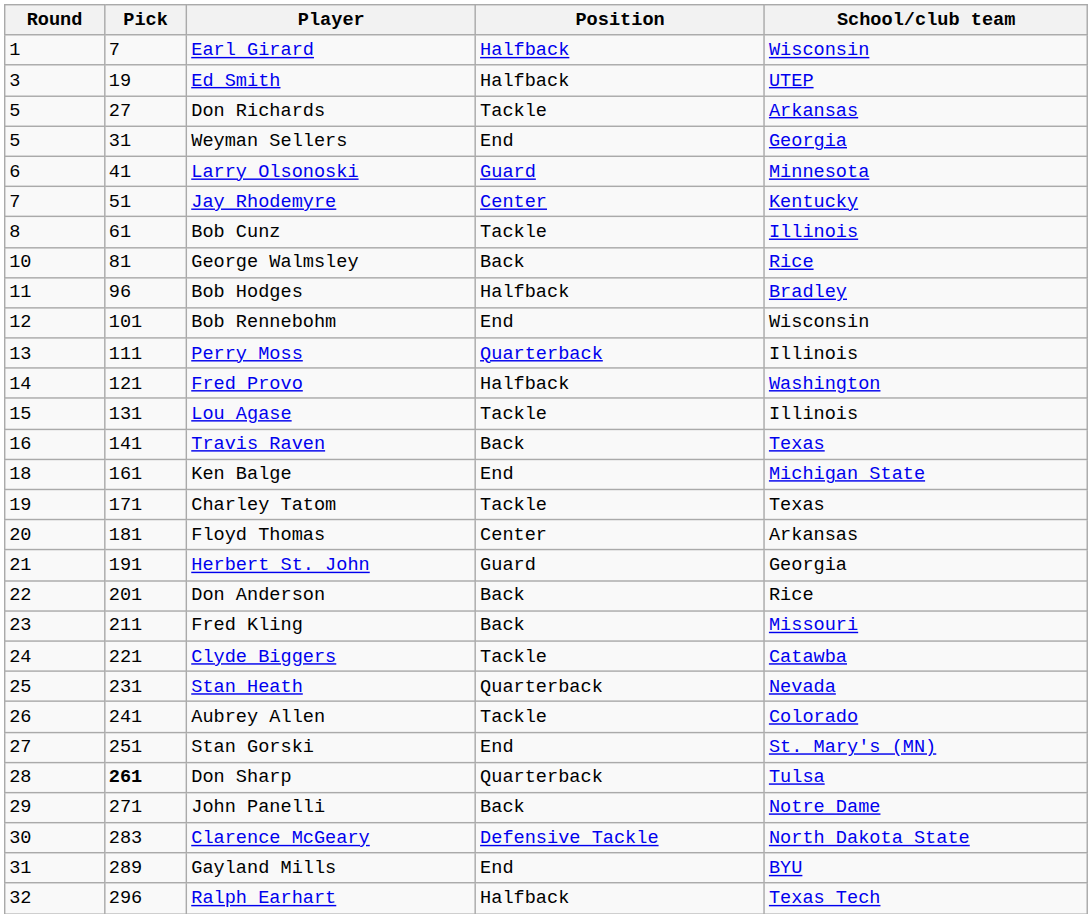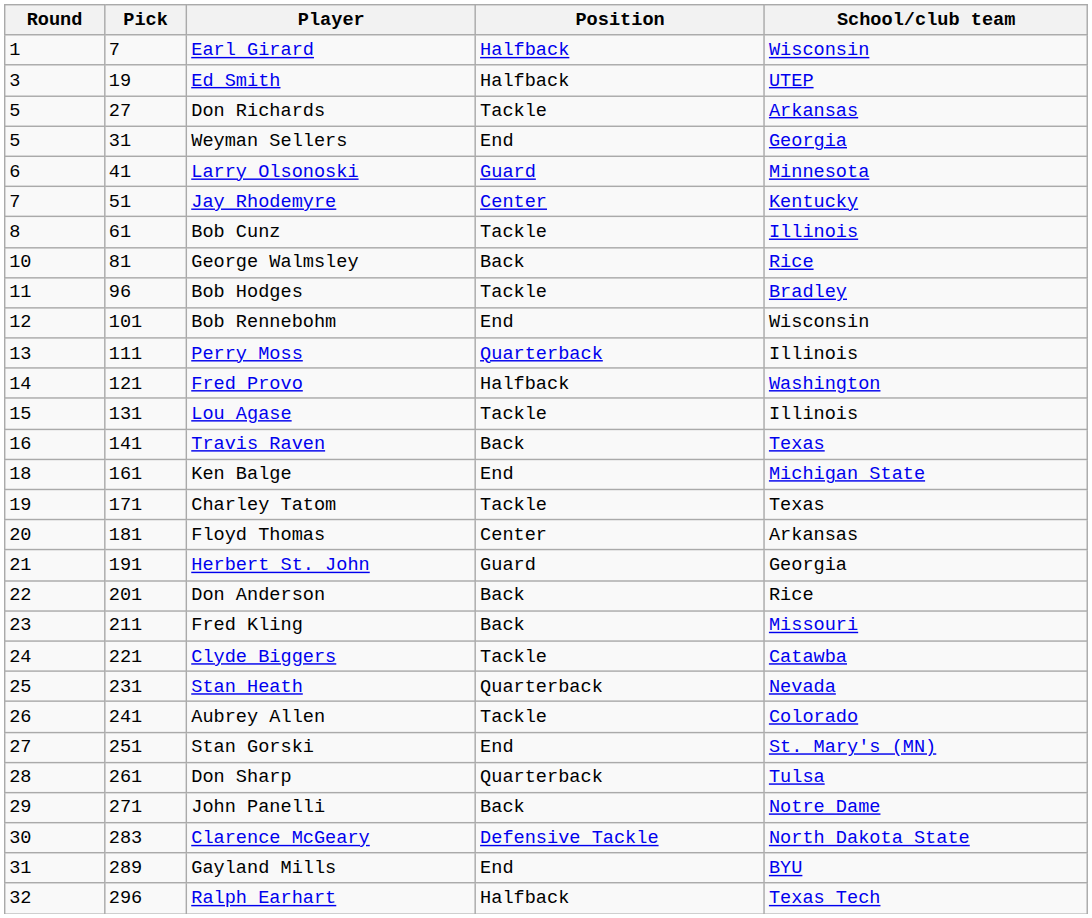 <table class="wikitable sortable sortable"; width=60%>
 <tr>
 <th>Round</th>
 <th>Pick</th>
 <th>Player</th>
 <th>Position</th>
 <th>School/club team</th>
 </tr>
 <tr>
 <td>1</td>
 <td>7</td>
 <td><a href='#'>Earl Girard</a></td>
 <td><a href='#'>Halfback</a></td>
 <td><a href='#'>Wisconsin</a></td>
 </tr>
 <tr>
 <td>3</td>
 <td>19</td>
 <td><a href='#'>Ed Smith</a></td>
 <td>Halfback</td>
 <td><a href='#'>UTEP</a></td>
 </tr>
 <tr>
 <td>5</td>
 <td>27</td>
 <td>Don Richards</td>
 <td>Tackle</td>
 <td><a href='#'>Arkansas</a></td>
 </tr>
 <tr>
 <td>5</td>
 <td>31</td>
 <td>Weyman Sellers</td>
 <td>End</td>
 <td><a href='#'>Georgia</a></td>
 </tr>
 <tr>
 <td>6</td>
 <td>41</td>
 <td><a href='#'>Larry Olsonoski</a></td>
 <td><a href='#'>Guard</a></td>
 <td><a href='#'>Minnesota</a></td>
 </tr>
 <tr>
 <td>7</td>
 <td>51</td>
 <td><a href='#'>Jay Rhodemyre</a></td>
 <td><a href='#'>Center</a></td>
 <td><a href='#'>Kentucky</a></td>
 </tr>
 <tr>
 <td>8</td>
 <td>61</td>
 <td>Bob Cunz</td>
 <td>Tackle</td>
 <td><a href='#'>Illinois</a></td>
 </tr>
 <tr>
 <td>10</td>
 <td>81</td>
 <td>George Walmsley</td>
 <td>Back</td>
 <td><a href='#'>Rice</a></td>
 </tr>
 <tr>
 <td>11</td>
 <td>96</td>
 <td>Bob Hodges</td>
-<td>Halfback</td>
+<td>Tackle</td>
 <td><a href='#'>Bradley</a></td>
 </tr>
 <tr>
 <td>12</td>
 <td>101</td>
 <td>Bob Rennebohm</td>
 <td>End</td>
 <td>Wisconsin</td>
 </tr>
 <tr>
 <td>13</td>
 <td>111</td>
 <td><a href='#'>Perry Moss</a></td>
 <td><a href='#'>Quarterback</a></td>
 <td>Illinois</td>
 </tr>
 <tr>
 <td>14</td>
 <td>121</td>
 <td><a href='#'>Fred Provo</a></td>
 <td>Halfback</td>
 <td><a href='#'>Washington</a></td>
 </tr>
 <tr>
 <td>15</td>
 <td>131</td>
 <td><a href='#'>Lou Agase</a></td>
 <td>Tackle</td>
 <td>Illinois</td>
 </tr>
 <tr>
 <td>16</td>
 <td>141</td>
 <td><a href='#'>Travis Raven</a></td>
 <td>Back</td>
 <td><a href='#'>Texas</a></td>
 </tr>
 <tr>
 <td>18</td>
 <td>161</td>
 <td>Ken Balge</td>
 <td>End</td>
 <td><a href='#'>Michigan State</a></td>
 </tr>
 <tr>
 <td>19</td>
 <td>171</td>
 <td>Charley Tatom</td>
 <td>Tackle</td>
 <td>Texas</td>
 </tr>
 <tr>
 <td>20</td>
 <td>181</td>
 <td>Floyd Thomas</td>
 <td>Center</td>
 <td>Arkansas</td>
 </tr>
 <tr>
 <td>21</td>
 <td>191</td>
 <td><a href='#'>Herbert St. John</a></td>
 <td>Guard</td>
 <td>Georgia</td>
 </tr>
 <tr>
 <td>22</td>
 <td>201</td>
 <td>Don Anderson</td>
 <td>Back</td>
 <td>Rice</td>
 </tr>
 <tr>
 <td>23</td>
 <td>211</td>
 <td>Fred Kling</td>
 <td>Back</td>
 <td><a href='#'>Missouri</a></td>
 </tr>
 <tr>
 <td>24</td>
 <td>221</td>
 <td><a href='#'>Clyde Biggers</a></td>
 <td>Tackle</td>
 <td><a href='#'>Catawba</a></td>
 </tr>
 <tr>
 <td>25</td>
 <td>231</td>
 <td><a href='#'>Stan Heath</a></td>
 <td>Quarterback</td>
 <td><a href='#'>Nevada</a></td>
 </tr>
 <tr>
 <td>26</td>
 <td>241</td>
 <td>Aubrey Allen</td>
 <td>Tackle</td>
 <td><a href='#'>Colorado</a></td>
 </tr>
 <tr>
 <td>27</td>
 <td>251</td>
 <td>Stan Gorski</td>
 <td>End</td>
 <td><a href='#'>St. Mary's (MN)</a></td>
 </tr>
 <tr>
 <td>28</td>
-<td><strong>261</strong></td>
+<td>261</td>
 <td>Don Sharp</td>
 <td>Quarterback</td>
 <td><a href='#'>Tulsa</a></td>
 </tr>
 <tr>
 <td>29</td>
 <td>271</td>
 <td>John Panelli</td>
 <td>Back</td>
 <td><a href='#'>Notre Dame</a></td>
 </tr>
 <tr>
 <td>30</td>
 <td>283</td>
 <td><a href='#'>Clarence McGeary</a></td>
 <td><a href='#'>Defensive Tackle</a></td>
 <td><a href='#'>North Dakota State</a></td>
 </tr>
 <tr>
 <td>31</td>
 <td>289</td>
 <td>Gayland Mills</td>
 <td>End</td>
 <td><a href='#'>BYU</a></td>
 </tr>
 <tr>
 <td>32</td>
 <td>296</td>
 <td><a href='#'>Ralph Earhart</a></td>
 <td>Halfback</td>
 <td><a href='#'>Texas Tech</a></td>
 </tr>
 </table>
